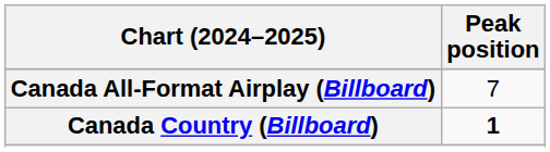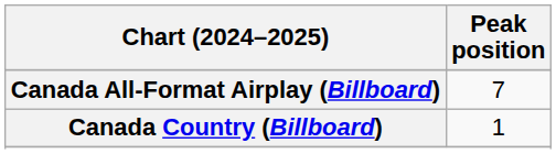 <table class="wikitable sortable plainrowheaders" style="text-align:center">
 <tr>
 <th scope="col">Chart (2024–2025)</th>
 <th scope="col">Peak<br>position</th>
 </tr>
 <tr>
 </tr>
 <tr>
 <th scope="row">Canada All-Format Airplay (<em><a href='#'>Billboard</a></em>)</th>
 <td>7</td>
 </tr>
 <tr>
 <th scope="row">Canada <a href='#'>Country</a> (<em><a href='#'>Billboard</a></em>)</th>
-<td><strong>1</strong></td>
+<td>1</td>
 </tr>
 <tr>
 </tr>
 <tr>
 </tr>
 <tr>
 </tr>
 </table>
